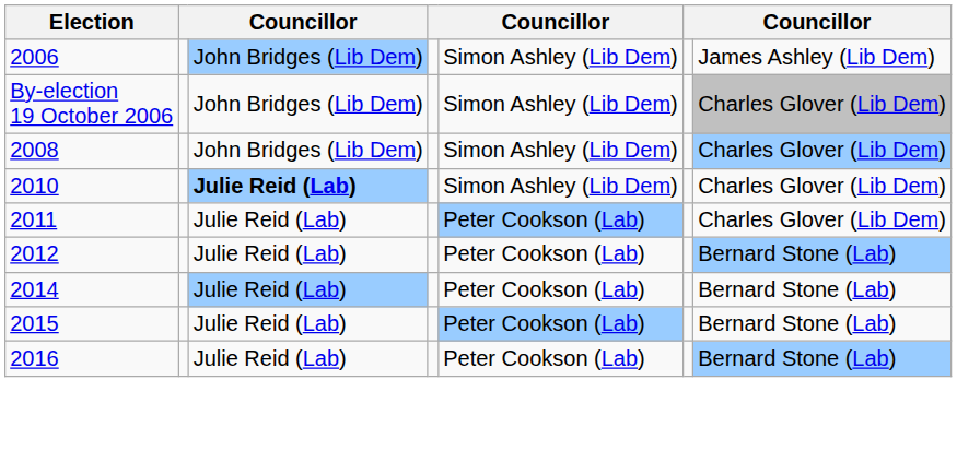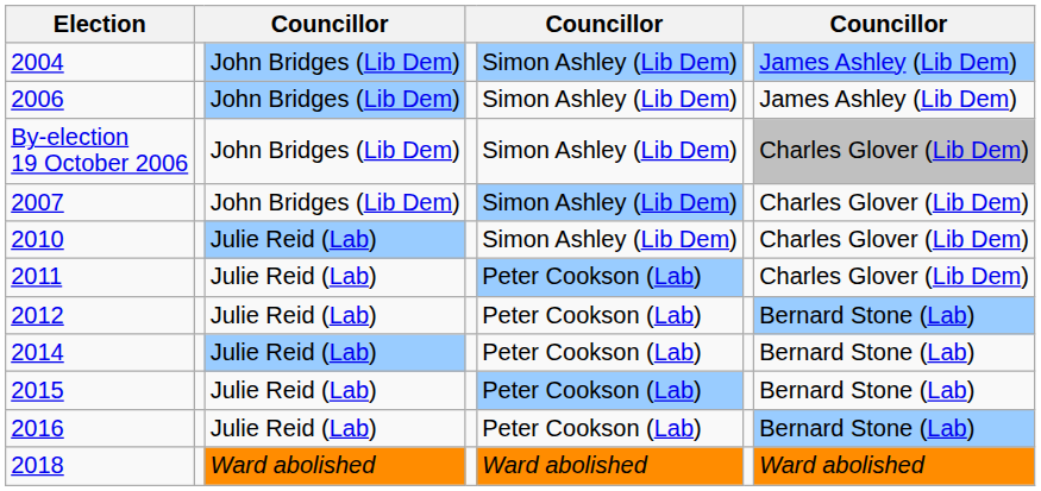 <table class="wikitable">
 <tr>
 <th>Election</th>
 <th colspan="2">Councillor</th>
 <th colspan="2">Councillor</th>
 <th colspan="2">Councillor</th>
+</tr>
+<tr>
+<td><a href='#'>2004</a></td>
+<td style="background-color: "></td>
+<td bgcolor="#99CCFF">John Bridges (<a href='#'>Lib Dem</a>)</td>
+<td style="background-color: "></td>
+<td bgcolor="#99CCFF">Simon Ashley (<a href='#'>Lib Dem</a>)</td>
+<td style="background-color: "></td>
+<td bgcolor="#99CCFF"><a href='#'>James Ashley</a> (<a href='#'>Lib Dem</a>)</td>
 </tr>
 <tr>
 <td><a href='#'>2006</a></td>
 <td style="background-color: "></td>
 <td bgcolor="#99CCFF">John Bridges (<a href='#'>Lib Dem</a>)</td>
 <td style="background-color: "></td>
 <td>Simon Ashley (<a href='#'>Lib Dem</a>)</td>
 <td style="background-color: "></td>
 <td>James Ashley (<a href='#'>Lib Dem</a>)</td>
 </tr>
 <tr>
 <td><a href='#'>By-election<br>19 October 2006</a></td>
 <td style="background-color: "></td>
 <td>John Bridges (<a href='#'>Lib Dem</a>)</td>
 <td style="background-color: "></td>
 <td>Simon Ashley (<a href='#'>Lib Dem</a>)</td>
 <td style="background-color: "></td>
 <td bgcolor="#C0C0C0">Charles Glover (<a href='#'>Lib Dem</a>)</td>
 </tr>
 <tr>
-<td><a href='#'>2008</a></td>
+<td><a href='#'>2007</a></td>
 <td style="background-color: "></td>
 <td>John Bridges (<a href='#'>Lib Dem</a>)</td>
 <td style="background-color: "></td>
-<td>Simon Ashley (<a href='#'>Lib Dem</a>)</td>
+<td bgcolor="#99CCFF">Simon Ashley (<a href='#'>Lib Dem</a>)</td>
 <td style="background-color: "></td>
-<td bgcolor="#99CCFF">Charles Glover (<a href='#'>Lib Dem</a>)</td>
+<td>Charles Glover (<a href='#'>Lib Dem</a>)</td>
 </tr>
 <tr>
 <td><a href='#'>2010</a></td>
 <td style="background-color: "></td>
-<td bgcolor="#99CCFF"><strong>Julie Reid (<a href='#'>Lab</a>)</strong></td>
+<td bgcolor="#99CCFF">Julie Reid (<a href='#'>Lab</a>)</td>
 <td style="background-color: "></td>
 <td>Simon Ashley (<a href='#'>Lib Dem</a>)</td>
 <td style="background-color: "></td>
 <td>Charles Glover (<a href='#'>Lib Dem</a>)</td>
 </tr>
 <tr>
 <td><a href='#'>2011</a></td>
 <td style="background-color: "></td>
 <td>Julie Reid (<a href='#'>Lab</a>)</td>
 <td style="background-color: "></td>
 <td bgcolor="#99CCFF">Peter Cookson (<a href='#'>Lab</a>)</td>
 <td style="background-color: "></td>
 <td>Charles Glover (<a href='#'>Lib Dem</a>)</td>
 </tr>
 <tr>
 <td><a href='#'>2012</a></td>
 <td style="background-color: "></td>
 <td>Julie Reid (<a href='#'>Lab</a>)</td>
 <td style="background-color: "></td>
 <td>Peter Cookson (<a href='#'>Lab</a>)</td>
 <td style="background-color: "></td>
 <td bgcolor="#99CCFF">Bernard Stone (<a href='#'>Lab</a>)</td>
 </tr>
 <tr>
 <td><a href='#'>2014</a></td>
 <td style="background-color: "></td>
 <td bgcolor="#99CCFF">Julie Reid (<a href='#'>Lab</a>)</td>
 <td style="background-color: "></td>
 <td>Peter Cookson (<a href='#'>Lab</a>)</td>
 <td style="background-color: "></td>
 <td>Bernard Stone (<a href='#'>Lab</a>)</td>
 </tr>
 <tr>
 <td><a href='#'>2015</a></td>
 <td style="background-color: "></td>
 <td>Julie Reid (<a href='#'>Lab</a>)</td>
 <td style="background-color: "></td>
 <td bgcolor="#99CCFF">Peter Cookson (<a href='#'>Lab</a>)</td>
 <td style="background-color: "></td>
 <td>Bernard Stone (<a href='#'>Lab</a>)</td>
 </tr>
 <tr>
 <td><a href='#'>2016</a></td>
 <td style="background-color: "></td>
 <td>Julie Reid (<a href='#'>Lab</a>)</td>
 <td style="background-color: "></td>
 <td>Peter Cookson (<a href='#'>Lab</a>)</td>
 <td style="background-color: "></td>
 <td bgcolor="#99CCFF">Bernard Stone (<a href='#'>Lab</a>)</td>
 </tr>
+<tr>
+<td><a href='#'>2018</a></td>
+<td style="background-color: "></td>
+<td bgcolor="#FF8C00"><em>Ward abolished</em></td>
+<td style="background-color: "></td>
+<td bgcolor="#FF8C00"><em>Ward abolished</em></td>
+<td style="background-color: "></td>
+<td bgcolor="#FF8C00"><em>Ward abolished</em></td>
+</tr>
 </table>
